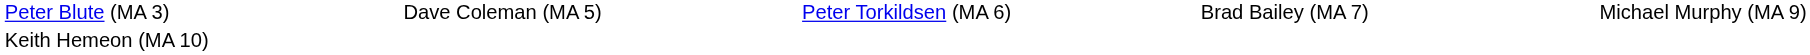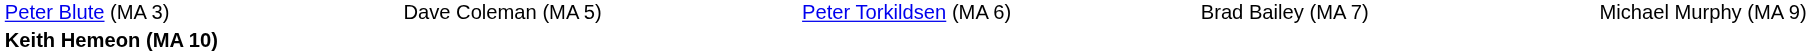 <table width="100%">
 <tr>
 <td width="20%"><a href='#'>Peter Blute</a> (MA 3)</td>
 <td width="20%">Dave Coleman (MA 5)</td>
 <td width="20%"><a href='#'>Peter Torkildsen</a> (MA 6)</td>
 <td width="20%">Brad Bailey (MA 7)</td>
 <td width="20%">Michael Murphy (MA 9)</td>
 </tr>
 <tr>
-<td>Keith Hemeon (MA 10)</td>
+<td><strong>Keith Hemeon (MA 10)</strong></td>
 </tr>
 </table>
